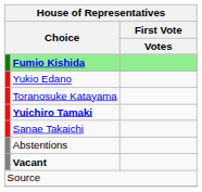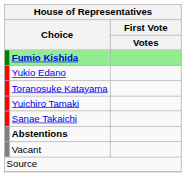 <table class="wikitable" style="font-size:90%;">
 <tr>
 <th colspan="4">House of Representatives</th>
 </tr>
 <tr>
 <th align="left" rowspan="2" colspan="2" width="100">Choice</th>
 <th colspan="2">First Vote</th>
 </tr>
 <tr>
 <th width="100">Votes</th>
 </tr>
 <tr style="background:lightgreen;">
 <td width="1" bgcolor="green"></td>
 <td align="left"><strong><a href='#'>Fumio Kishida</a></strong></td>
 <td></td>
 </tr>
 <tr>
 <td bgcolor="red"></td>
 <td align="left"><a href='#'>Yukio Edano</a></td>
 <td></td>
 </tr>
 <tr>
 <td bgcolor="red"></td>
 <td align="left"><a href='#'>Toranosuke Katayama</a></td>
 <td></td>
 </tr>
 <tr>
 <td bgcolor="red"></td>
-<td align="left"><strong><a href='#'>Yuichiro Tamaki</a></strong></td>
+<td align="left"><a href='#'>Yuichiro Tamaki</a></td>
 <td></td>
 </tr>
 <tr>
 <td bgcolor="red"></td>
 <td align="left"><a href='#'>Sanae Takaichi</a></td>
 <td></td>
 </tr>
 <tr>
 <td bgcolor="gray"></td>
-<td align="left">Abstentions</td>
+<td align="left"><strong>Abstentions</strong></td>
 <td></td>
 </tr>
 <tr>
 <td bgcolor="gray"></td>
-<td align="left"><strong>Vacant</strong></td>
+<td align="left">Vacant</td>
 <td></td>
 </tr>
 <tr>
 <td colspan=3>Source</td>
 </tr>
 <tr>
 </tr>
 </table>
